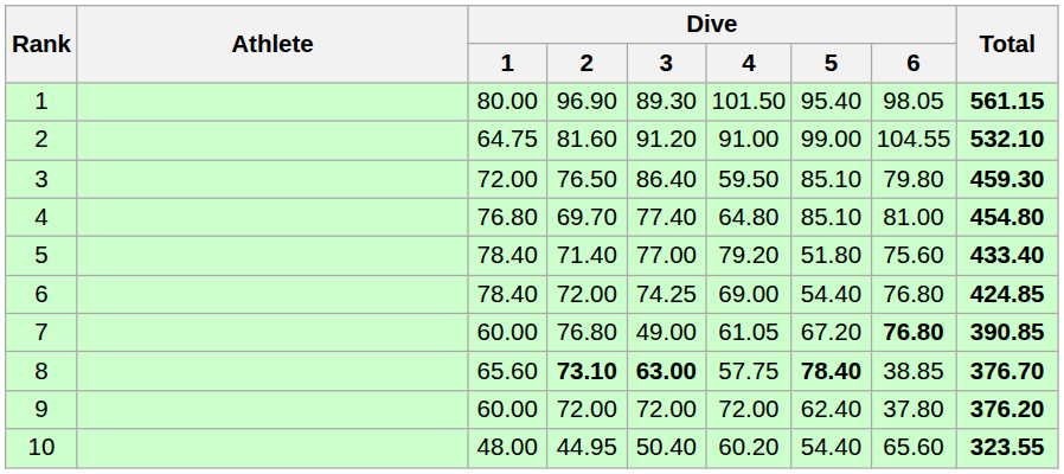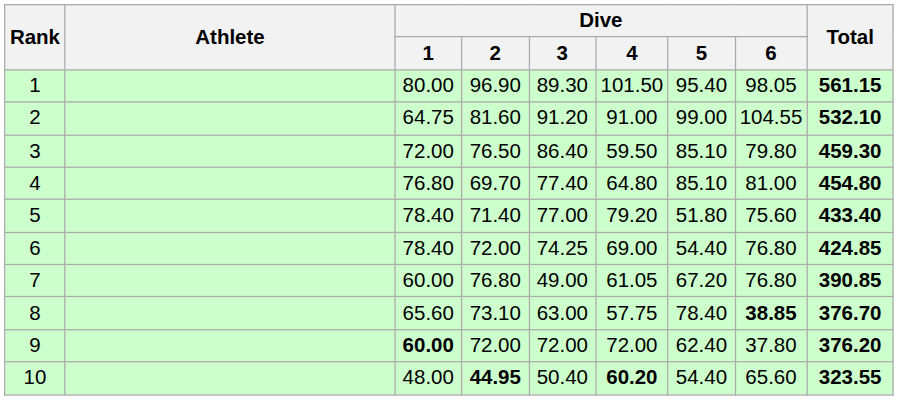 <table class=wikitable style="text-align:center">
 <tr>
 <th rowspan="2" width=40>Rank</th>
 <th rowspan="2" width=250>Athlete</th>
 <th colspan="6">Dive</th>
 <th rowspan="2" width=60>Total</th>
 </tr>
 <tr>
 <th width=45>1</th>
 <th width=45>2</th>
 <th width=45>3</th>
 <th width=45>4</th>
 <th width=45>5</th>
 <th width=45>6</th>
 </tr>
 <tr bgcolor="ccffcc">
 <td>1</td>
 <td align=left></td>
 <td>80.00</td>
 <td>96.90</td>
 <td>89.30</td>
 <td>101.50</td>
 <td>95.40</td>
 <td>98.05</td>
 <td><strong>561.15</strong></td>
 </tr>
 <tr bgcolor="ccffcc">
 <td>2</td>
 <td align=left></td>
 <td>64.75</td>
 <td>81.60</td>
 <td>91.20</td>
 <td>91.00</td>
 <td>99.00</td>
 <td>104.55</td>
 <td><strong>532.10</strong></td>
 </tr>
 <tr bgcolor="ccffcc">
 <td>3</td>
 <td align=left></td>
 <td>72.00</td>
 <td>76.50</td>
 <td>86.40</td>
 <td>59.50</td>
 <td>85.10</td>
 <td>79.80</td>
 <td><strong>459.30</strong></td>
 </tr>
 <tr bgcolor="ccffcc">
 <td>4</td>
 <td align=left></td>
 <td>76.80</td>
 <td>69.70</td>
 <td>77.40</td>
 <td>64.80</td>
 <td>85.10</td>
 <td>81.00</td>
 <td><strong>454.80</strong></td>
 </tr>
 <tr bgcolor="ccffcc">
 <td>5</td>
 <td align=left></td>
 <td>78.40</td>
 <td>71.40</td>
 <td>77.00</td>
 <td>79.20</td>
 <td>51.80</td>
 <td>75.60</td>
 <td><strong>433.40</strong></td>
 </tr>
 <tr bgcolor="ccffcc">
 <td>6</td>
 <td align=left></td>
 <td>78.40</td>
 <td>72.00</td>
 <td>74.25</td>
 <td>69.00</td>
 <td>54.40</td>
 <td>76.80</td>
 <td><strong>424.85</strong></td>
 </tr>
 <tr bgcolor="ccffcc">
 <td>7</td>
 <td align=left></td>
 <td>60.00</td>
 <td>76.80</td>
 <td>49.00</td>
 <td>61.05</td>
 <td>67.20</td>
-<td><strong>76.80</strong></td>
+<td>76.80</td>
 <td><strong>390.85</strong></td>
 </tr>
 <tr bgcolor="ccffcc">
 <td>8</td>
 <td align=left></td>
 <td>65.60</td>
-<td><strong>73.10</strong></td>
-<td><strong>63.00</strong></td>
+<td>73.10</td>
+<td>63.00</td>
 <td>57.75</td>
-<td><strong>78.40</strong></td>
-<td>38.85</td>
+<td>78.40</td>
+<td><strong>38.85</strong></td>
 <td><strong>376.70</strong></td>
 </tr>
 <tr bgcolor="ccffcc">
 <td>9</td>
 <td align=left></td>
-<td>60.00</td>
+<td><strong>60.00</strong></td>
 <td>72.00</td>
 <td>72.00</td>
 <td>72.00</td>
 <td>62.40</td>
 <td>37.80</td>
 <td><strong>376.20</strong></td>
 </tr>
 <tr bgcolor="ccffcc">
 <td>10</td>
 <td align=left></td>
 <td>48.00</td>
-<td>44.95</td>
+<td><strong>44.95</strong></td>
 <td>50.40</td>
-<td>60.20</td>
+<td><strong>60.20</strong></td>
 <td>54.40</td>
 <td>65.60</td>
 <td><strong>323.55</strong></td>
 </tr>
 </table>
